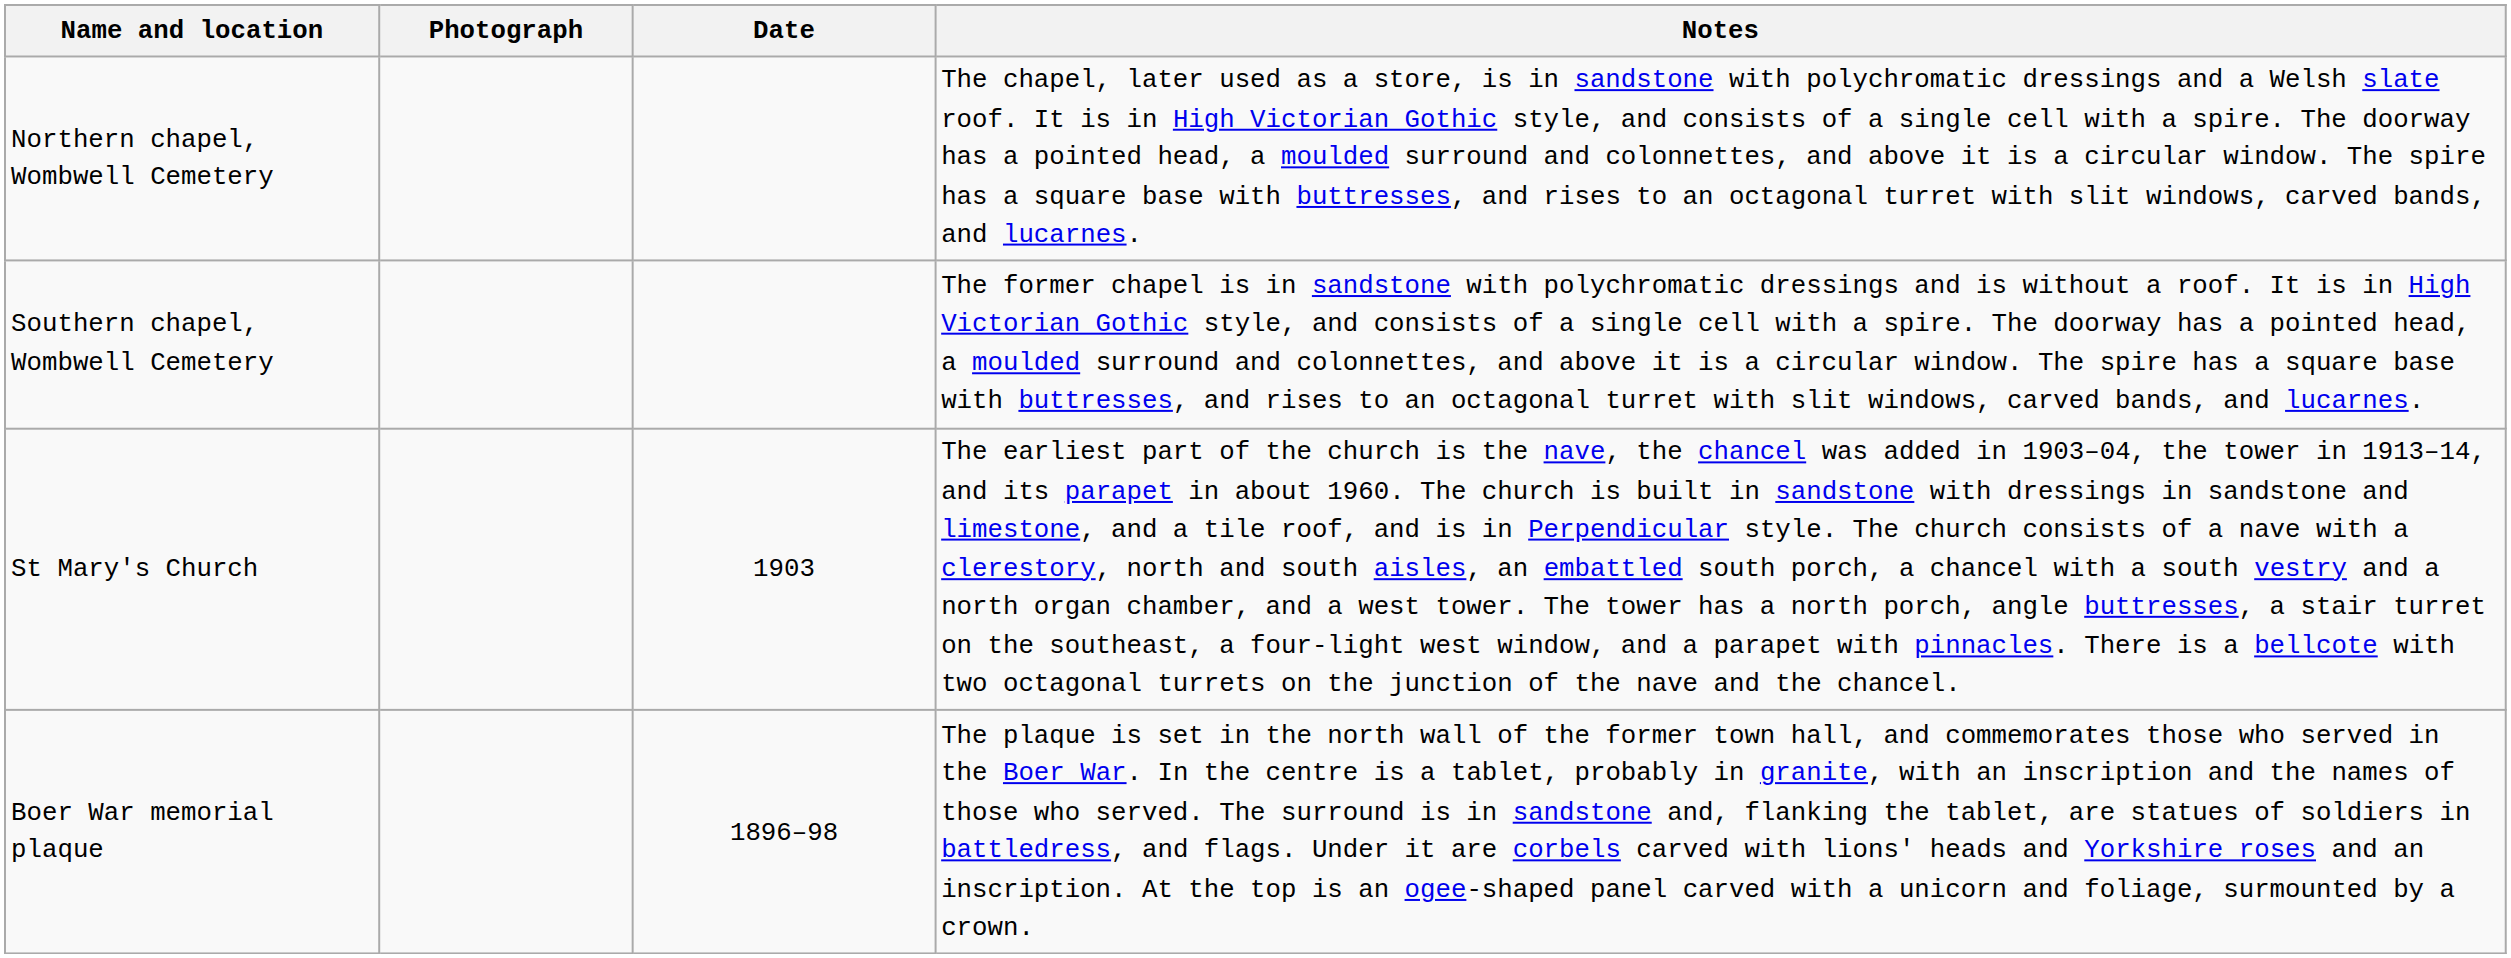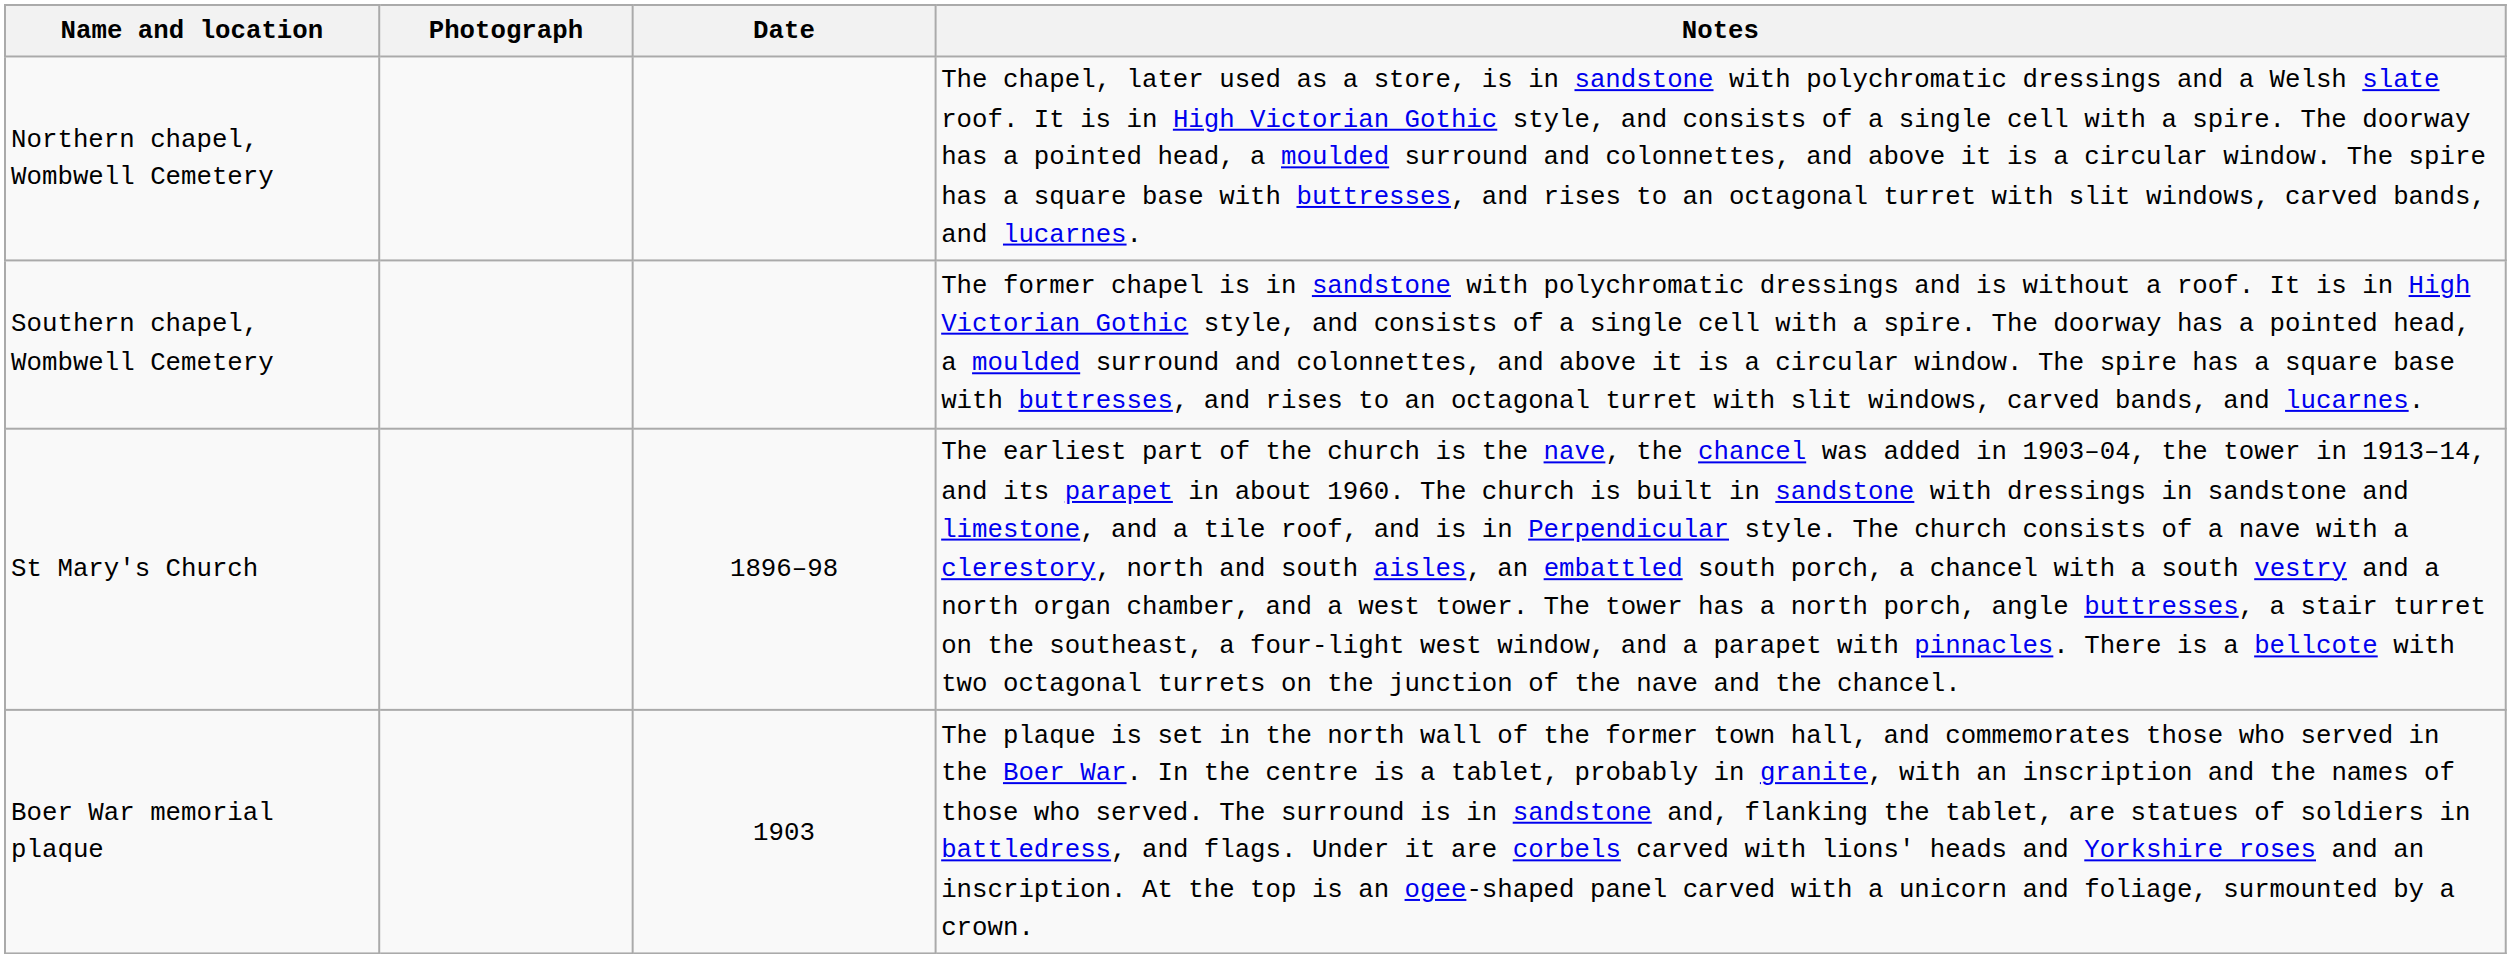 <table class="wikitable sortable plainrowheaders" style="width:100%;border:0px;text-align:left;line-height:150%;">
 <tr>
 <th scope="col"  style="width:150px">Name and location</th>
 <th scope="col"  style="width:100px" class="unsortable">Photograph</th>
 <th scope="col"  style="width:120px">Date</th>
 <th scope="col"  style="width:650px" class="unsortable">Notes</th>
 </tr>
 <tr>
 <td>Northern chapel, Wombwell Cemetery<br><small></small></td>
 <td></td>
 <td align="center"></td>
 <td>The chapel, later used as a store, is in <a href='#'>sandstone</a> with polychromatic dressings and a Welsh <a href='#'>slate</a> roof.  It is in <a href='#'>High Victorian Gothic</a> style, and consists of a single cell with a spire.  The doorway has a pointed head, a <a href='#'>moulded</a> surround and colonnettes, and above it is a circular window.  The spire has a square base with <a href='#'>buttresses</a>, and rises to an octagonal turret with slit windows, carved bands, and <a href='#'>lucarnes</a>.</td>
 </tr>
 <tr>
 <td>Southern chapel, Wombwell Cemetery<br><small></small></td>
 <td></td>
 <td align="center"></td>
 <td>The former chapel is in <a href='#'>sandstone</a> with polychromatic dressings and is without a roof.  It is in <a href='#'>High Victorian Gothic</a> style, and consists of a single cell with a spire.  The doorway has a pointed head, a <a href='#'>moulded</a> surround and colonnettes, and above it is a circular window.  The spire has a square base with <a href='#'>buttresses</a>, and rises to an octagonal turret with slit windows, carved bands, and <a href='#'>lucarnes</a>.</td>
 </tr>
 <tr>
 <td>St Mary's Church<br><small></small></td>
 <td></td>
-<td align="center">1903</td>
+<td align="center">1896–98</td>
 <td>The earliest part of the church is the <a href='#'>nave</a>, the <a href='#'>chancel</a> was added in 1903–04, the tower in 1913–14, and its <a href='#'>parapet</a> in about 1960.  The church is built in <a href='#'>sandstone</a> with dressings in sandstone and <a href='#'>limestone</a>, and a tile roof, and is in <a href='#'>Perpendicular</a> style.  The church consists of a nave with a <a href='#'>clerestory</a>, north and south <a href='#'>aisles</a>, an <a href='#'>embattled</a> south porch, a chancel with a south <a href='#'>vestry</a> and a north organ chamber, and a west tower.  The tower has a north porch, angle <a href='#'>buttresses</a>, a stair turret on the southeast, a four-light west window, and a parapet with <a href='#'>pinnacles</a>.  There is a <a href='#'>bellcote</a> with two octagonal turrets on the junction of the nave and the chancel.</td>
 </tr>
 <tr>
 <td>Boer War memorial plaque<br><small></small></td>
 <td></td>
-<td align="center">1896–98</td>
+<td align="center">1903</td>
 <td>The plaque is set in the north wall of the former town hall, and commemorates those who served in the <a href='#'>Boer War</a>.  In the centre is a tablet, probably in <a href='#'>granite</a>, with an inscription and the names of those who served.  The surround is in <a href='#'>sandstone</a> and, flanking the tablet, are statues of soldiers in <a href='#'>battledress</a>, and flags.  Under it are <a href='#'>corbels</a> carved with lions' heads and <a href='#'>Yorkshire roses</a> and an inscription.  At the top is an <a href='#'>ogee</a>-shaped panel carved with a unicorn and foliage, surmounted by a crown.</td>
 </tr>
 <tr>
 </tr>
 </table>
